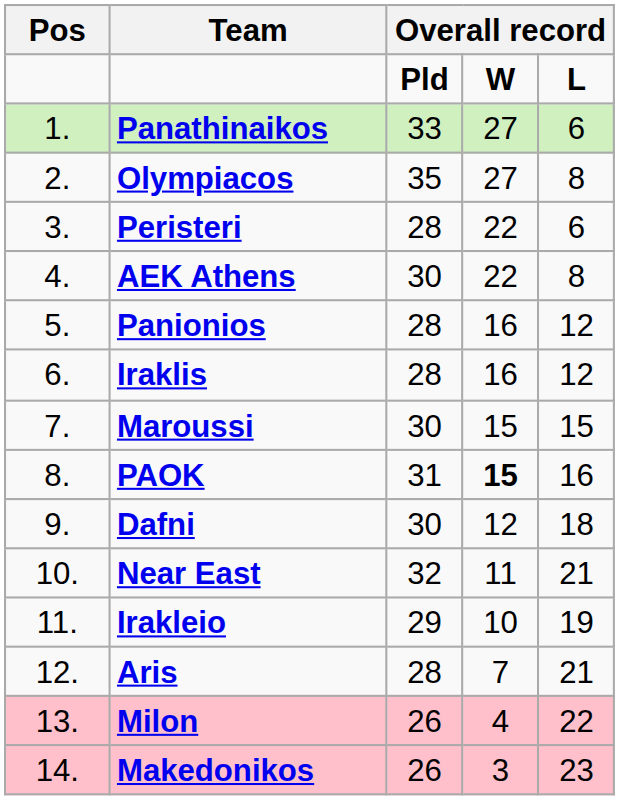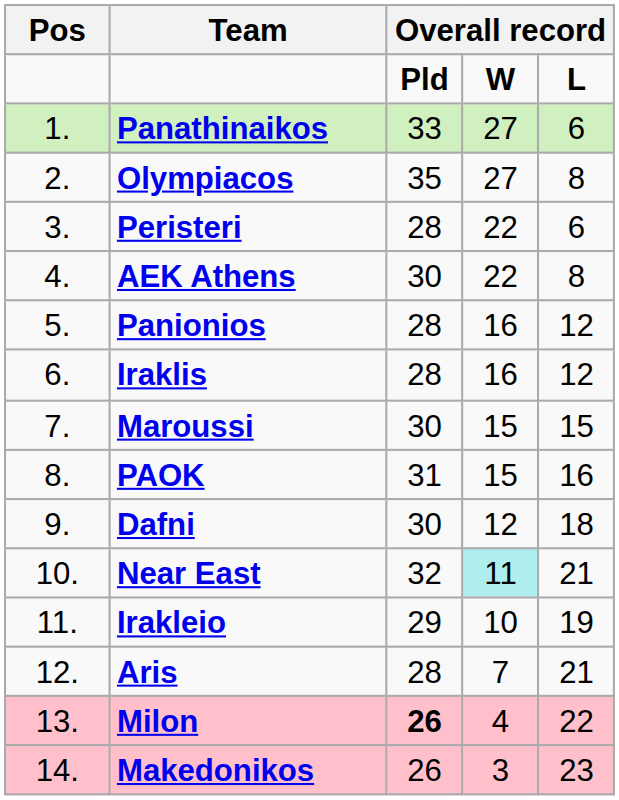 <table class="wikitable" style="text-align: center; font-size:95%">
 <tr>
 <th width="44">Pos</th>
 <th width="128">Team</th>
 <th colspan=3>Overall record</th>
 </tr>
 <tr>
 <td></td>
 <td></td>
 <td width="30"><strong>Pld</strong></td>
 <td width="30"><strong>W</strong></td>
 <td width="30"><strong>L</strong></td>
 </tr>
 <tr bgcolor="D0F0C0">
 <td>1.</td>
 <td align="left"><strong><a href='#'>Panathinaikos</a></strong></td>
 <td>33</td>
 <td>27</td>
 <td>6</td>
 </tr>
 <tr>
 <td>2.</td>
 <td align="left"><strong><a href='#'>Olympiacos</a></strong></td>
 <td>35</td>
 <td>27</td>
 <td>8</td>
 </tr>
 <tr>
 <td>3.</td>
 <td align="left"><strong><a href='#'>Peristeri</a></strong></td>
 <td>28</td>
 <td>22</td>
 <td>6</td>
 </tr>
 <tr>
 <td>4.</td>
 <td align="left"><strong><a href='#'>AEK Athens</a></strong></td>
 <td>30</td>
 <td>22</td>
 <td>8</td>
 </tr>
 <tr>
 <td>5.</td>
 <td align="left"><strong><a href='#'>Panionios</a></strong></td>
 <td>28</td>
 <td>16</td>
 <td>12</td>
 </tr>
 <tr>
 <td>6.</td>
 <td align="left"><strong><a href='#'>Iraklis</a></strong></td>
 <td>28</td>
 <td>16</td>
 <td>12</td>
 </tr>
 <tr>
 <td>7.</td>
 <td align="left"><strong><a href='#'>Maroussi</a></strong></td>
 <td>30</td>
 <td>15</td>
 <td>15</td>
 </tr>
 <tr>
 <td>8.</td>
 <td align="left"><strong><a href='#'>PAOK</a></strong></td>
 <td>31</td>
-<td><strong>15</strong></td>
+<td>15</td>
 <td>16</td>
 </tr>
 <tr>
 <td>9.</td>
 <td align="left"><strong><a href='#'>Dafni</a> </strong></td>
 <td>30</td>
 <td>12</td>
 <td>18</td>
 </tr>
 <tr>
 <td>10.</td>
 <td align="left"><strong><a href='#'>Near East</a></strong></td>
 <td>32</td>
-<td>11</td>
+<td style="background: paleturquoise;">11</td>
 <td>21</td>
 </tr>
 <tr>
 <td>11.</td>
 <td align="left"><strong><a href='#'>Irakleio</a></strong></td>
 <td>29</td>
 <td>10</td>
 <td>19</td>
 </tr>
 <tr>
 <td>12.</td>
 <td align="left"><strong><a href='#'>Aris</a></strong></td>
 <td>28</td>
 <td>7</td>
 <td>21</td>
 </tr>
 <tr bgcolor="ffc0cb">
 <td>13.</td>
 <td align="left"><strong><a href='#'>Milon</a></strong></td>
-<td>26</td>
+<td><strong>26</strong></td>
 <td>4</td>
 <td>22</td>
 </tr>
 <tr bgcolor="ffc0cb">
 <td>14.</td>
 <td align="left"><strong><a href='#'>Makedonikos</a></strong></td>
 <td>26</td>
 <td>3</td>
 <td>23</td>
 </tr>
 </table>
